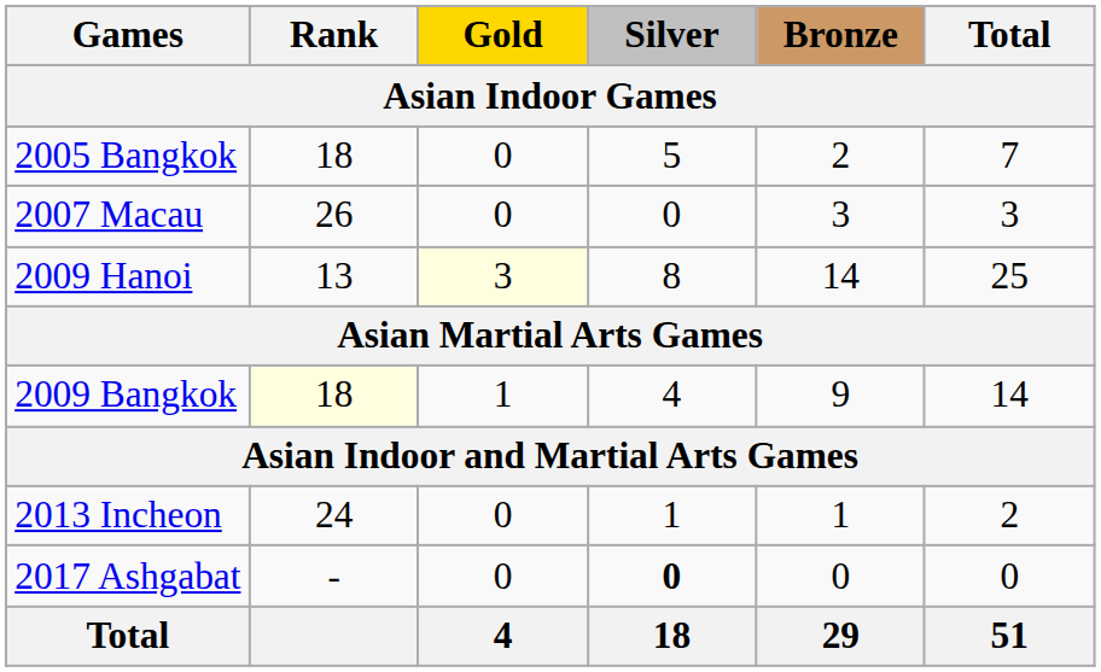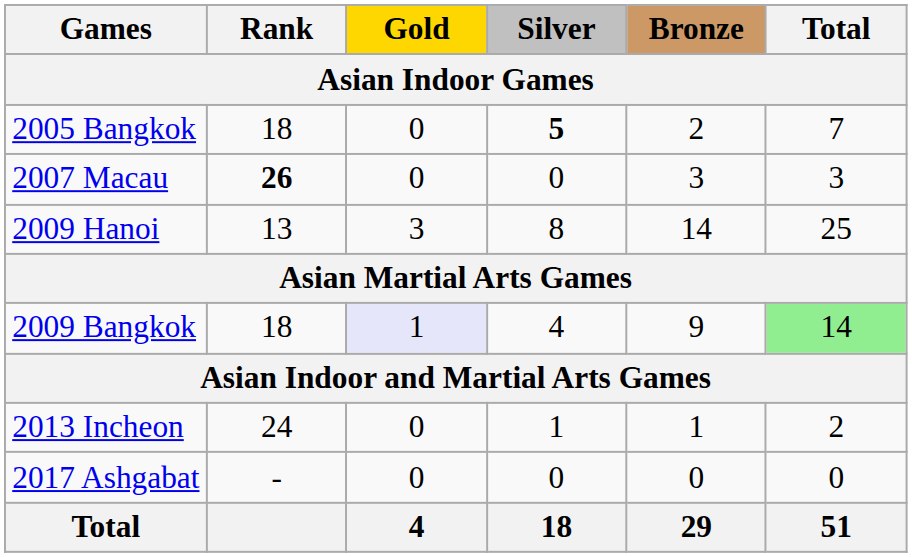 <table class="wikitable sortable" style="margin-top:0em; text-align:center; font-size:100%;">
 <tr>
 <th>Games</th>
 <th style="width:4em;">Rank</th>
 <th style="background:gold; width:4em;"><strong>Gold</strong></th>
 <th style="background:silver; width:4em;"><strong>Silver</strong></th>
 <th style="background:#cc9966; width:4em;"><strong>Bronze</strong></th>
 <th style="width:4em;">Total</th>
 </tr>
 <tr>
 <th colspan=6><strong>Asian Indoor Games</strong></th>
 </tr>
 <tr>
 <td align=left><a href='#'>2005 Bangkok</a></td>
 <td>18</td>
 <td>0</td>
-<td>5</td>
+<td><strong>5</strong></td>
 <td>2</td>
 <td>7</td>
 </tr>
 <tr>
 <td align=left><a href='#'>2007 Macau</a></td>
-<td>26</td>
+<td><strong>26</strong></td>
 <td>0</td>
 <td>0</td>
 <td>3</td>
 <td>3</td>
 </tr>
 <tr>
 <td align=left><a href='#'>2009 Hanoi</a></td>
 <td>13</td>
-<td style="background: lightyellow;">3</td>
+<td>3</td>
 <td>8</td>
 <td>14</td>
 <td>25</td>
 </tr>
 <tr>
 <th colspan=6><strong>Asian Martial Arts Games</strong></th>
 </tr>
 <tr>
 <td align=left><a href='#'>2009 Bangkok</a></td>
-<td style="background: lightyellow;">18</td>
-<td>1</td>
+<td>18</td>
+<td style="background: lavender;">1</td>
 <td>4</td>
 <td>9</td>
-<td>14</td>
+<td style="background: lightgreen;">14</td>
 </tr>
 <tr>
 <th colspan=6><strong>Asian Indoor and Martial Arts Games</strong></th>
 </tr>
 <tr>
 <td align=left><a href='#'>2013 Incheon</a></td>
 <td>24</td>
 <td>0</td>
 <td>1</td>
 <td>1</td>
 <td>2</td>
 </tr>
 <tr>
 <td align=left><a href='#'>2017 Ashgabat</a></td>
 <td>-</td>
 <td>0</td>
-<td><strong>0</strong></td>
+<td>0</td>
 <td>0</td>
 <td>0</td>
 </tr>
 <tr>
 <th>Total</th>
 <th></th>
 <th>4</th>
 <th>18</th>
 <th>29</th>
 <th>51</th>
 </tr>
 </table>
